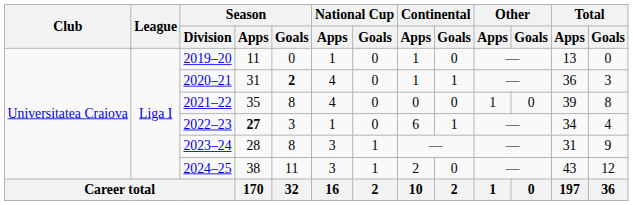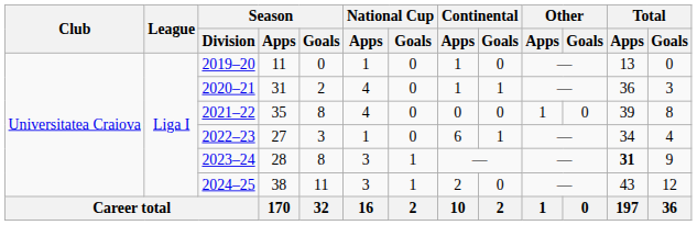 <table class="wikitable" style="text-align:center">
 <tr>
 <th rowspan="2">Club</th>
 <th rowspan="2">League</th>
 <th colspan="3">Season</th>
 <th colspan="2">National Cup</th>
 <th colspan="2">Continental</th>
 <th colspan="2">Other</th>
 <th colspan="3">Total</th>
 </tr>
 <tr>
 <th>Division</th>
 <th>Apps</th>
 <th>Goals</th>
 <th>Apps</th>
 <th>Goals</th>
 <th>Apps</th>
 <th>Goals</th>
 <th>Apps</th>
 <th>Goals</th>
 <th>Apps</th>
 <th>Goals</th>
 </tr>
 <tr>
 <td rowspan="6"><a href='#'>Universitatea Craiova</a></td>
 <td rowspan="6"><a href='#'>Liga I</a></td>
 <td><a href='#'>2019–20</a></td>
 <td>11</td>
 <td>0</td>
 <td>1</td>
 <td>0</td>
 <td>1</td>
 <td>0</td>
 <td colspan="2">—</td>
 <td>13</td>
 <td>0</td>
 </tr>
 <tr>
 <td><a href='#'>2020–21</a></td>
 <td>31</td>
-<td><strong>2</strong></td>
+<td>2</td>
 <td>4</td>
 <td>0</td>
 <td>1</td>
 <td>1</td>
 <td colspan="2">—</td>
 <td>36</td>
 <td>3</td>
 </tr>
 <tr>
 <td><a href='#'>2021–22</a></td>
 <td>35</td>
 <td>8</td>
 <td>4</td>
 <td>0</td>
 <td>0</td>
 <td>0</td>
 <td>1</td>
 <td>0</td>
 <td>39</td>
 <td>8</td>
 </tr>
 <tr>
 <td><a href='#'>2022–23</a></td>
-<td><strong>27</strong></td>
+<td>27</td>
 <td>3</td>
 <td>1</td>
 <td>0</td>
 <td>6</td>
 <td>1</td>
 <td colspan="2">—</td>
 <td>34</td>
 <td>4</td>
 </tr>
 <tr>
 <td><a href='#'>2023–24</a></td>
 <td>28</td>
 <td>8</td>
 <td>3</td>
 <td>1</td>
 <td colspan="2">—</td>
 <td colspan="2">—</td>
-<td>31</td>
+<td><strong>31</strong></td>
 <td>9</td>
 </tr>
 <tr>
 <td><a href='#'>2024–25</a></td>
 <td>38</td>
 <td>11</td>
 <td>3</td>
 <td>1</td>
 <td>2</td>
 <td>0</td>
 <td colspan="2">—</td>
 <td>43</td>
 <td>12</td>
 </tr>
 <tr>
 <th colspan="3">Career total</th>
 <th>170</th>
 <th>32</th>
 <th>16</th>
 <th>2</th>
 <th>10</th>
 <th>2</th>
 <th>1</th>
 <th>0</th>
 <th>197</th>
 <th>36</th>
 </tr>
 </table>
